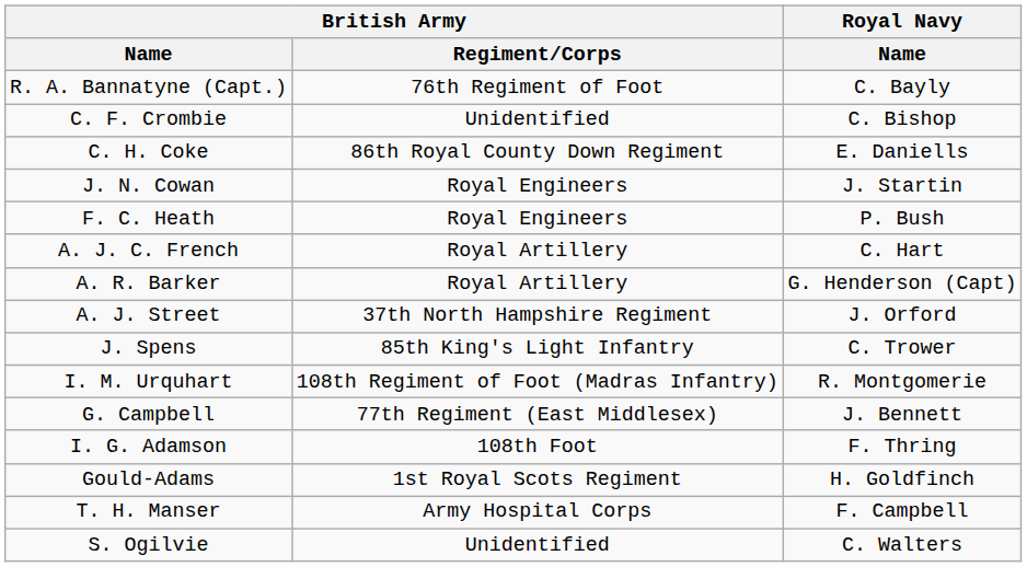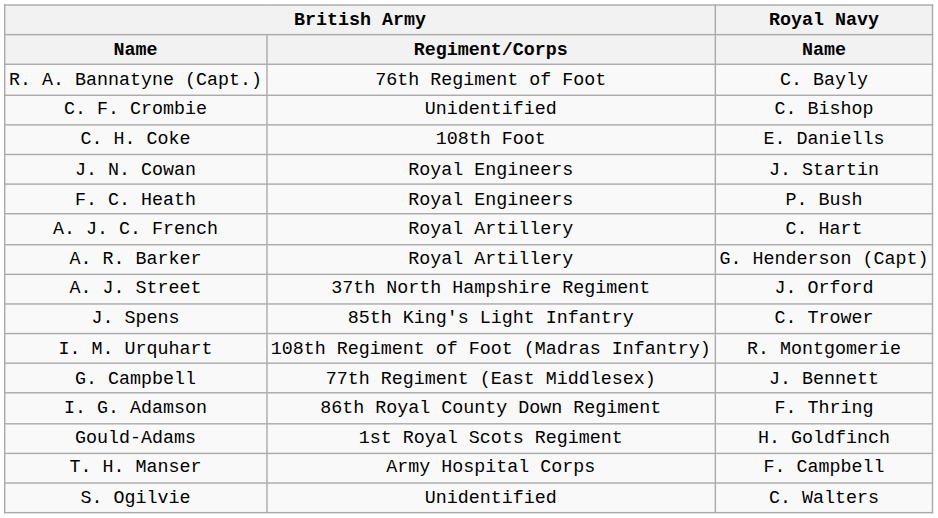 <table class="wikitable" style="text-align:center" align="left">
 <tr>
 <th colspan="2" style="text-align: center; font-size: 100%;">British Army</th>
 <th>Royal Navy</th>
 </tr>
 <tr>
 <th>Name</th>
 <th>Regiment/Corps</th>
 <th>Name</th>
 </tr>
 <tr>
 <td>R. A. Bannatyne (Capt.)</td>
 <td>76th Regiment of Foot</td>
 <td>C. Bayly</td>
 </tr>
 <tr>
 <td>C. F. Crombie</td>
 <td>Unidentified</td>
 <td>C. Bishop</td>
 </tr>
 <tr>
 <td>C. H. Coke</td>
-<td>86th Royal County Down Regiment</td>
+<td>108th Foot</td>
 <td>E. Daniells</td>
 </tr>
 <tr>
 <td>J. N. Cowan</td>
 <td>Royal Engineers</td>
 <td>J. Startin</td>
 </tr>
 <tr>
 <td>F. C. Heath</td>
 <td>Royal Engineers</td>
 <td>P. Bush</td>
 </tr>
 <tr>
 <td>A. J. C. French</td>
 <td>Royal Artillery</td>
 <td>C. Hart</td>
 </tr>
 <tr>
 <td>A. R. Barker</td>
 <td>Royal Artillery</td>
 <td>G. Henderson (Capt)</td>
 </tr>
 <tr>
 <td>A. J. Street</td>
 <td>37th North Hampshire Regiment</td>
 <td>J. Orford</td>
 </tr>
 <tr>
 <td>J. Spens</td>
 <td>85th King's Light Infantry</td>
 <td>C. Trower</td>
 </tr>
 <tr>
 <td>I. M. Urquhart</td>
 <td>108th Regiment of Foot (Madras Infantry)</td>
 <td>R. Montgomerie</td>
 </tr>
 <tr>
 <td>G. Campbell</td>
 <td>77th Regiment (East Middlesex)</td>
 <td>J. Bennett</td>
 </tr>
 <tr>
 <td>I. G. Adamson</td>
-<td>108th Foot</td>
+<td>86th Royal County Down Regiment</td>
 <td>F. Thring</td>
 </tr>
 <tr>
 <td>Gould-Adams</td>
 <td>1st Royal Scots Regiment</td>
 <td>H. Goldfinch</td>
 </tr>
 <tr>
 <td>T. H. Manser</td>
 <td>Army Hospital Corps</td>
 <td>F. Campbell</td>
 </tr>
 <tr>
 <td>S. Ogilvie</td>
 <td>Unidentified</td>
 <td>C. Walters</td>
 </tr>
 </table>
